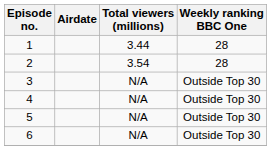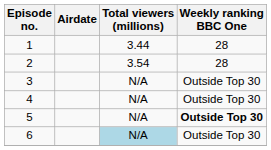 <table class="wikitable" style="text-align:center;">
 <tr>
 <th>Episode<br>no.</th>
 <th>Airdate</th>
 <th>Total viewers<br>(millions)</th>
 <th>Weekly ranking<br>BBC One</th>
 </tr>
 <tr>
 <td>1</td>
 <td></td>
 <td>3.44</td>
 <td>28</td>
 </tr>
 <tr>
 <td>2</td>
 <td></td>
 <td>3.54</td>
 <td>28</td>
 </tr>
 <tr>
 <td>3</td>
 <td></td>
 <td>N/A</td>
 <td>Outside Top 30</td>
 </tr>
 <tr>
 <td>4</td>
 <td></td>
 <td>N/A</td>
 <td>Outside Top 30</td>
 </tr>
 <tr>
 <td>5</td>
 <td></td>
 <td>N/A</td>
-<td>Outside Top 30</td>
+<td><strong>Outside Top 30</strong></td>
 </tr>
 <tr>
 <td>6</td>
 <td></td>
-<td>N/A</td>
+<td style="background: lightblue;">N/A</td>
 <td>Outside Top 30</td>
 </tr>
 <tr>
 </tr>
 </table>
